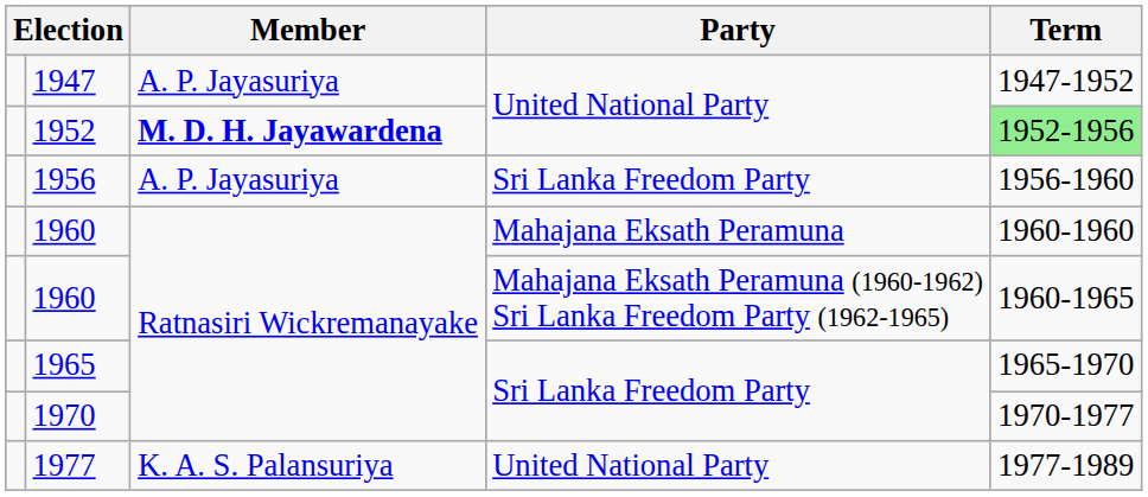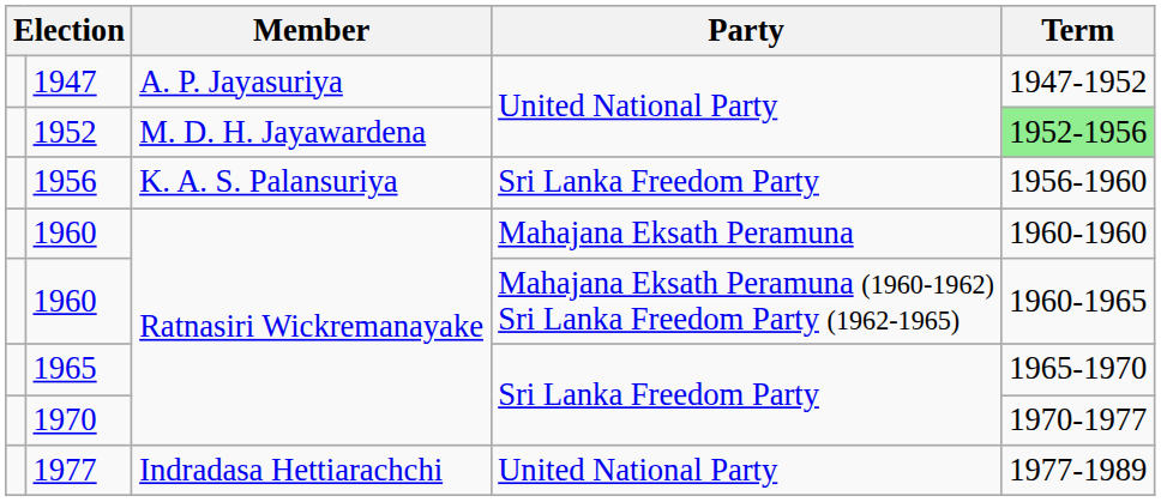 <table class="wikitable">
 <tr>
 <th colspan="2">Election</th>
 <th>Member</th>
 <th>Party</th>
 <th>Term</th>
 </tr>
 <tr>
 <td style="background-color: "></td>
 <td><a href='#'>1947</a></td>
 <td><a href='#'>A. P. Jayasuriya</a></td>
 <td rowspan ="2"><a href='#'>United National Party</a></td>
 <td>1947-1952</td>
 </tr>
 <tr>
 <td style="background-color: "></td>
 <td><a href='#'>1952</a></td>
-<td><strong><a href='#'>M. D. H. Jayawardena</a></strong></td>
+<td><a href='#'>M. D. H. Jayawardena</a></td>
 <td style="background: lightgreen;">1952-1956</td>
 </tr>
 <tr>
 <td style="background-color: "></td>
 <td><a href='#'>1956</a></td>
-<td><a href='#'>A. P. Jayasuriya</a></td>
+<td><a href='#'>K. A. S. Palansuriya</a></td>
 <td><a href='#'>Sri Lanka Freedom Party</a></td>
 <td>1956-1960</td>
 </tr>
 <tr>
 <td style="background-color: "></td>
 <td><a href='#'>1960</a></td>
 <td rowspan ="4"><a href='#'>Ratnasiri Wickremanayake</a></td>
 <td><a href='#'>Mahajana Eksath Peramuna</a></td>
 <td>1960-1960</td>
 </tr>
 <tr>
 <td style="background-color: "></td>
 <td><a href='#'>1960</a></td>
 <td><a href='#'>Mahajana Eksath Peramuna</a> <small>(1960-1962)</small><br><a href='#'>Sri Lanka Freedom Party</a> <small>(1962-1965)</small></td>
 <td>1960-1965</td>
 </tr>
 <tr>
 <td style="background-color: "></td>
 <td><a href='#'>1965</a></td>
 <td rowspan ="2"><a href='#'>Sri Lanka Freedom Party</a></td>
 <td>1965-1970</td>
 </tr>
 <tr>
 <td style="background-color: "></td>
 <td><a href='#'>1970</a></td>
 <td>1970-1977</td>
 </tr>
 <tr>
 <td style="background-color: "></td>
 <td><a href='#'>1977</a></td>
-<td><a href='#'>K. A. S. Palansuriya</a></td>
+<td><a href='#'>Indradasa Hettiarachchi</a></td>
 <td><a href='#'>United National Party</a></td>
 <td>1977-1989</td>
 </tr>
 </table>
